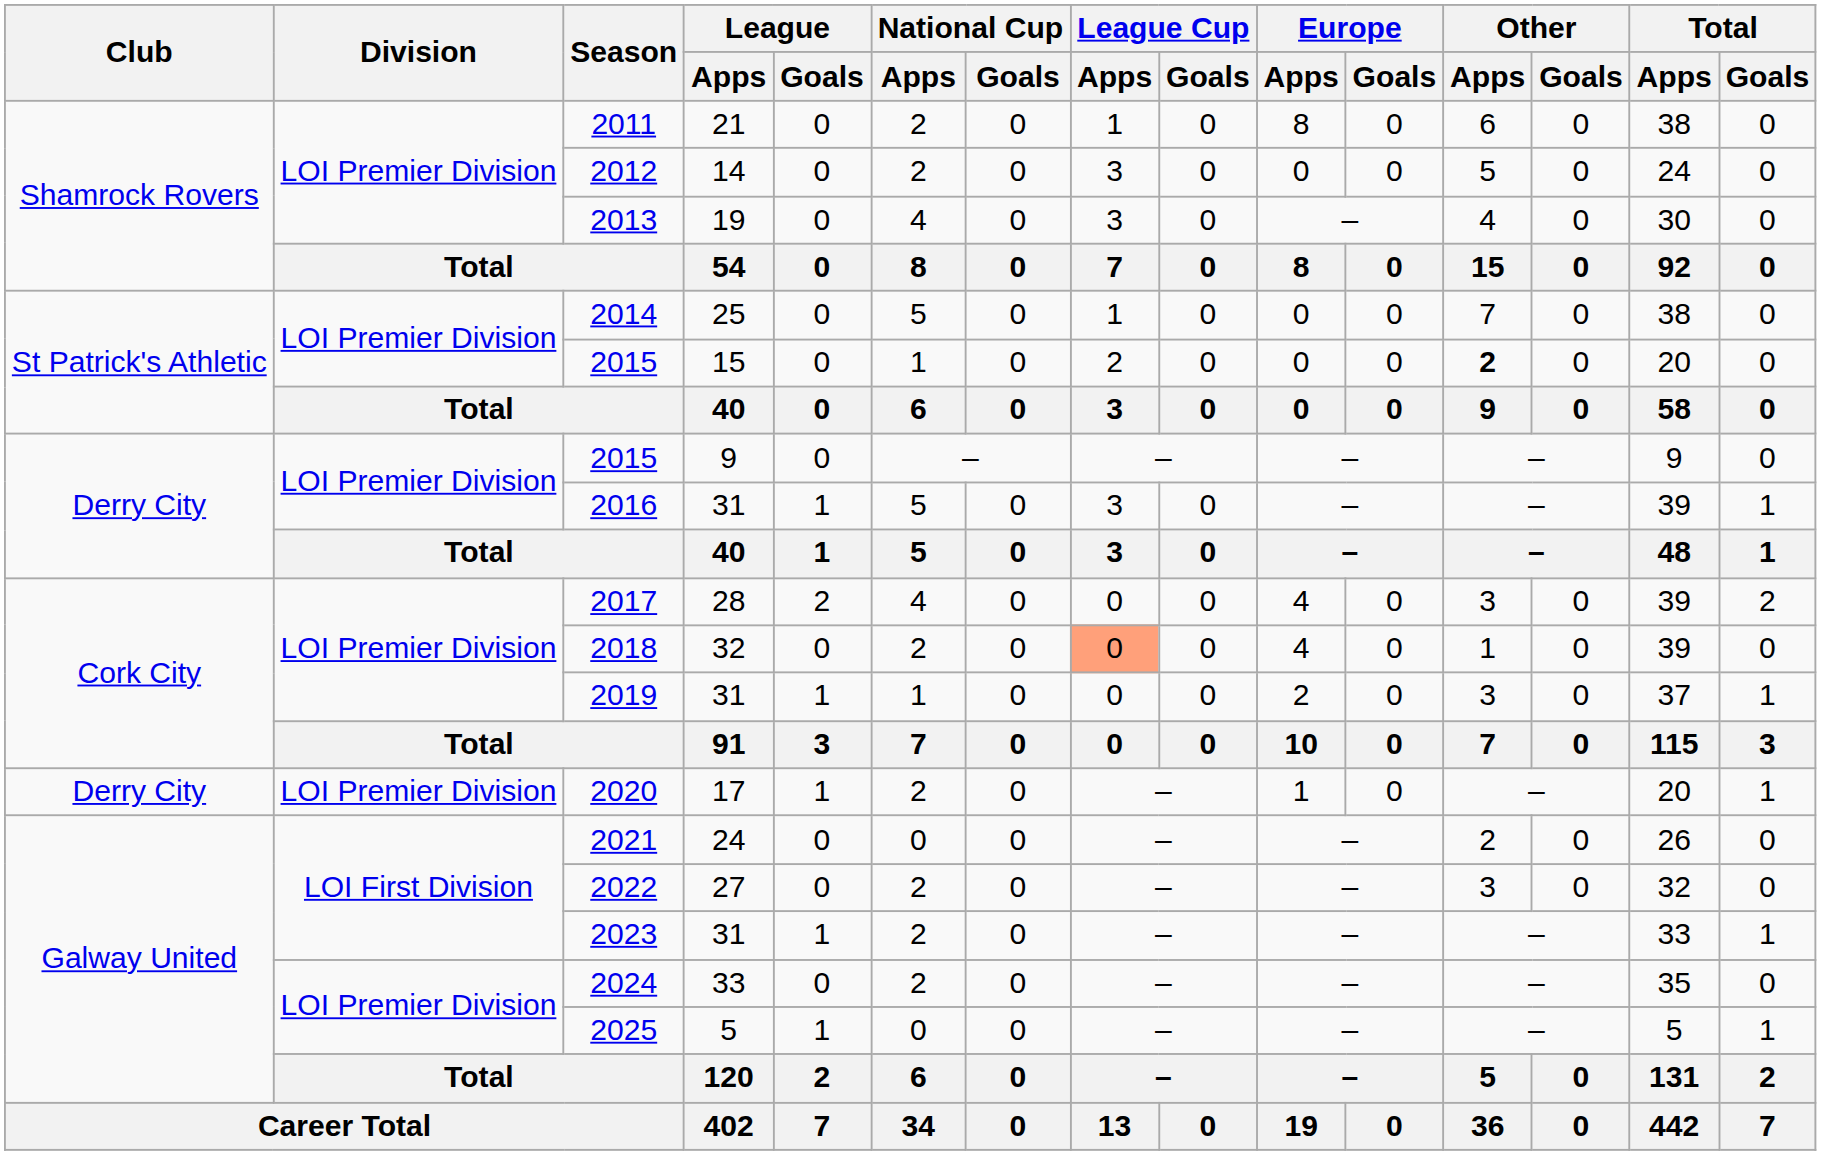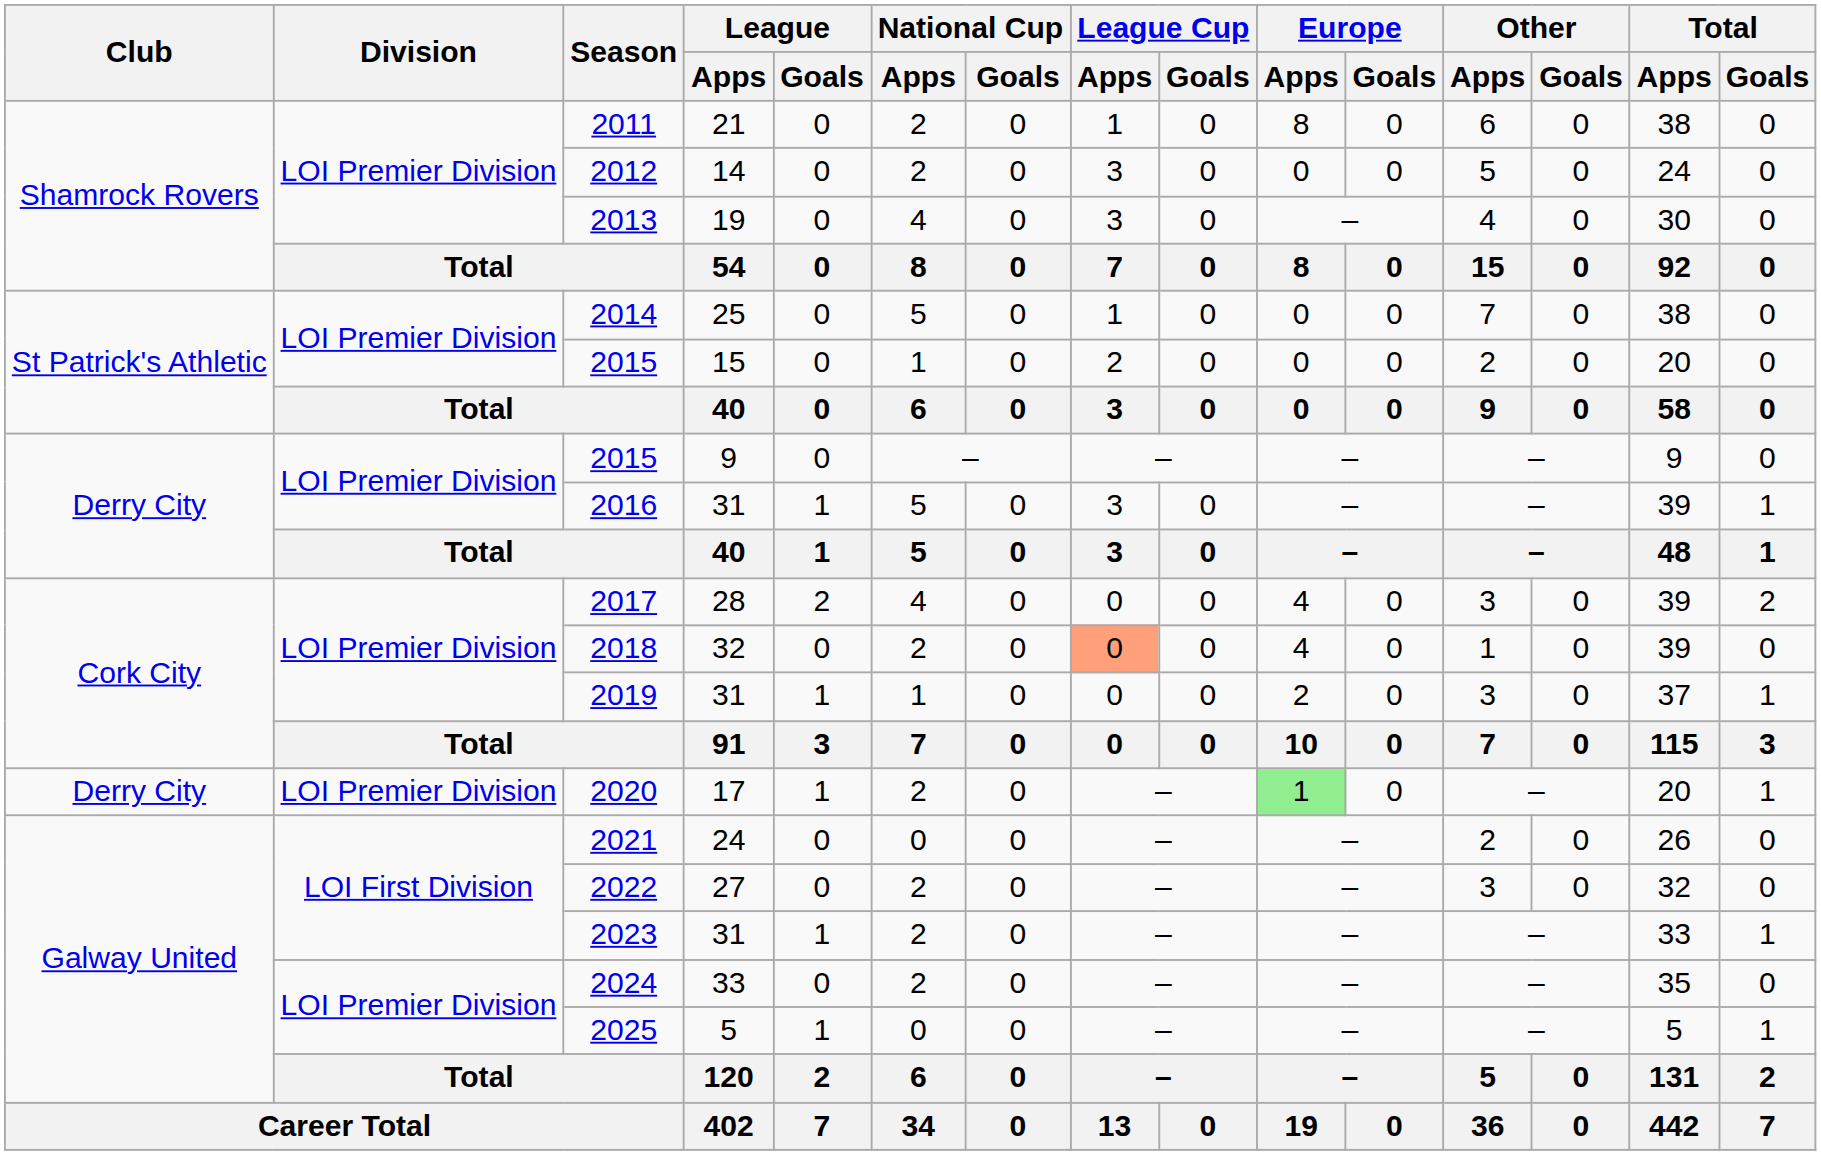 <table class="wikitable" style="text-align:center">
 <tr>
 <th rowspan="2">Club</th>
 <th rowspan="2">Division</th>
 <th rowspan="2">Season</th>
 <th colspan="2">League</th>
 <th colspan="2">National Cup</th>
 <th colspan="2"><a href='#'>League Cup</a></th>
 <th colspan="2"><a href='#'>Europe</a></th>
 <th colspan="2">Other</th>
 <th colspan="2">Total</th>
 </tr>
 <tr>
 <th>Apps</th>
 <th>Goals</th>
 <th>Apps</th>
 <th>Goals</th>
 <th>Apps</th>
 <th>Goals</th>
 <th>Apps</th>
 <th>Goals</th>
 <th>Apps</th>
 <th>Goals</th>
 <th>Apps</th>
 <th>Goals</th>
 </tr>
 <tr>
 <td rowspan="4"><a href='#'>Shamrock Rovers</a></td>
 <td rowspan="3"><a href='#'>LOI Premier Division</a></td>
 <td><a href='#'>2011</a></td>
 <td>21</td>
 <td>0</td>
 <td>2</td>
 <td>0</td>
 <td>1</td>
 <td>0</td>
 <td>8</td>
 <td>0</td>
 <td>6</td>
 <td>0</td>
 <td>38</td>
 <td>0</td>
 </tr>
 <tr>
 <td><a href='#'>2012</a></td>
 <td>14</td>
 <td>0</td>
 <td>2</td>
 <td>0</td>
 <td>3</td>
 <td>0</td>
 <td>0</td>
 <td>0</td>
 <td>5</td>
 <td>0</td>
 <td>24</td>
 <td>0</td>
 </tr>
 <tr>
 <td><a href='#'>2013</a></td>
 <td>19</td>
 <td>0</td>
 <td>4</td>
 <td>0</td>
 <td>3</td>
 <td>0</td>
 <td colspan="2">–</td>
 <td>4</td>
 <td>0</td>
 <td>30</td>
 <td>0</td>
 </tr>
 <tr>
 <th colspan="2">Total</th>
 <th>54</th>
 <th>0</th>
 <th>8</th>
 <th>0</th>
 <th>7</th>
 <th>0</th>
 <th>8</th>
 <th>0</th>
 <th>15</th>
 <th>0</th>
 <th>92</th>
 <th>0</th>
 </tr>
 <tr>
 <td rowspan="3"><a href='#'>St Patrick's Athletic</a></td>
 <td rowspan="2"><a href='#'>LOI Premier Division</a></td>
 <td><a href='#'>2014</a></td>
 <td>25</td>
 <td>0</td>
 <td>5</td>
 <td>0</td>
 <td>1</td>
 <td>0</td>
 <td>0</td>
 <td>0</td>
 <td>7</td>
 <td>0</td>
 <td>38</td>
 <td>0</td>
 </tr>
 <tr>
 <td><a href='#'>2015</a></td>
 <td>15</td>
 <td>0</td>
 <td>1</td>
 <td>0</td>
 <td>2</td>
 <td>0</td>
 <td>0</td>
 <td>0</td>
-<td><strong>2</strong></td>
+<td>2</td>
 <td>0</td>
 <td>20</td>
 <td>0</td>
 </tr>
 <tr>
 <th colspan="2">Total</th>
 <th>40</th>
 <th>0</th>
 <th>6</th>
 <th>0</th>
 <th>3</th>
 <th>0</th>
 <th>0</th>
 <th>0</th>
 <th>9</th>
 <th>0</th>
 <th>58</th>
 <th>0</th>
 </tr>
 <tr>
 <td rowspan="3"><a href='#'>Derry City</a></td>
 <td rowspan="2"><a href='#'>LOI Premier Division</a></td>
 <td><a href='#'>2015</a></td>
 <td>9</td>
 <td>0</td>
 <td colspan="2">–</td>
 <td colspan="2">–</td>
 <td colspan="2">–</td>
 <td colspan="2">–</td>
 <td>9</td>
 <td>0</td>
 </tr>
 <tr>
 <td><a href='#'>2016</a></td>
 <td>31</td>
 <td>1</td>
 <td>5</td>
 <td>0</td>
 <td>3</td>
 <td>0</td>
 <td colspan="2">–</td>
 <td colspan="2">–</td>
 <td>39</td>
 <td>1</td>
 </tr>
 <tr>
 <th colspan="2">Total</th>
 <th>40</th>
 <th>1</th>
 <th>5</th>
 <th>0</th>
 <th>3</th>
 <th>0</th>
 <th colspan="2">–</th>
 <th colspan="2">–</th>
 <th>48</th>
 <th>1</th>
 </tr>
 <tr>
 <td rowspan="4"><a href='#'>Cork City</a></td>
 <td rowspan="3"><a href='#'>LOI Premier Division</a></td>
 <td><a href='#'>2017</a></td>
 <td>28</td>
 <td>2</td>
 <td>4</td>
 <td>0</td>
 <td>0</td>
 <td>0</td>
 <td>4</td>
 <td>0</td>
 <td>3</td>
 <td>0</td>
 <td>39</td>
 <td>2</td>
 </tr>
 <tr>
 <td><a href='#'>2018</a></td>
 <td>32</td>
 <td>0</td>
 <td>2</td>
 <td>0</td>
 <td style="background: lightsalmon;">0</td>
 <td>0</td>
 <td>4</td>
 <td>0</td>
 <td>1</td>
 <td>0</td>
 <td>39</td>
 <td>0</td>
 </tr>
 <tr>
 <td><a href='#'>2019</a></td>
 <td>31</td>
 <td>1</td>
 <td>1</td>
 <td>0</td>
 <td>0</td>
 <td>0</td>
 <td>2</td>
 <td>0</td>
 <td>3</td>
 <td>0</td>
 <td>37</td>
 <td>1</td>
 </tr>
 <tr>
 <th colspan="2">Total</th>
 <th>91</th>
 <th>3</th>
 <th>7</th>
 <th>0</th>
 <th>0</th>
 <th>0</th>
 <th>10</th>
 <th>0</th>
 <th>7</th>
 <th>0</th>
 <th>115</th>
 <th>3</th>
 </tr>
 <tr>
 <td><a href='#'>Derry City</a></td>
 <td><a href='#'>LOI Premier Division</a></td>
 <td><a href='#'>2020</a></td>
 <td>17</td>
 <td>1</td>
 <td>2</td>
 <td>0</td>
 <td colspan="2">–</td>
-<td>1</td>
+<td style="background: lightgreen;">1</td>
 <td>0</td>
 <td colspan="2">–</td>
 <td>20</td>
 <td>1</td>
 </tr>
 <tr>
 <td rowspan="6"><a href='#'>Galway United</a></td>
 <td rowspan="3"><a href='#'>LOI First Division</a></td>
 <td><a href='#'>2021</a></td>
 <td>24</td>
 <td>0</td>
 <td>0</td>
 <td>0</td>
 <td colspan="2">–</td>
 <td colspan="2">–</td>
 <td>2</td>
 <td>0</td>
 <td>26</td>
 <td>0</td>
 </tr>
 <tr>
 <td><a href='#'>2022</a></td>
 <td>27</td>
 <td>0</td>
 <td>2</td>
 <td>0</td>
 <td colspan="2">–</td>
 <td colspan="2">–</td>
 <td>3</td>
 <td>0</td>
 <td>32</td>
 <td>0</td>
 </tr>
 <tr>
 <td><a href='#'>2023</a></td>
 <td>31</td>
 <td>1</td>
 <td>2</td>
 <td>0</td>
 <td colspan="2">–</td>
 <td colspan="2">–</td>
 <td colspan="2">–</td>
 <td>33</td>
 <td>1</td>
 </tr>
 <tr>
 <td rowspan="2"><a href='#'>LOI Premier Division</a></td>
 <td><a href='#'>2024</a></td>
 <td>33</td>
 <td>0</td>
 <td>2</td>
 <td>0</td>
 <td colspan="2">–</td>
 <td colspan="2">–</td>
 <td colspan="2">–</td>
 <td>35</td>
 <td>0</td>
 </tr>
 <tr>
 <td><a href='#'>2025</a></td>
 <td>5</td>
 <td>1</td>
 <td>0</td>
 <td>0</td>
 <td colspan="2">–</td>
 <td colspan="2">–</td>
 <td colspan="2">–</td>
 <td>5</td>
 <td>1</td>
 </tr>
 <tr>
 <th colspan="2">Total</th>
 <th>120</th>
 <th>2</th>
 <th>6</th>
 <th>0</th>
 <th colspan="2">–</th>
 <th colspan="2">–</th>
 <th>5</th>
 <th>0</th>
 <th>131</th>
 <th>2</th>
 </tr>
 <tr>
 <th colspan="3">Career Total</th>
 <th>402</th>
 <th>7</th>
 <th>34</th>
 <th>0</th>
 <th>13</th>
 <th>0</th>
 <th>19</th>
 <th>0</th>
 <th>36</th>
 <th>0</th>
 <th>442</th>
 <th>7</th>
 </tr>
 </table>
